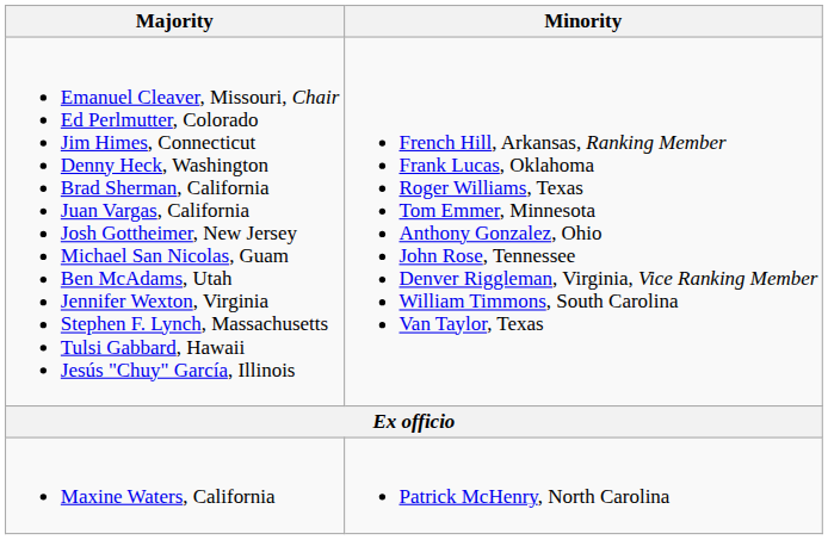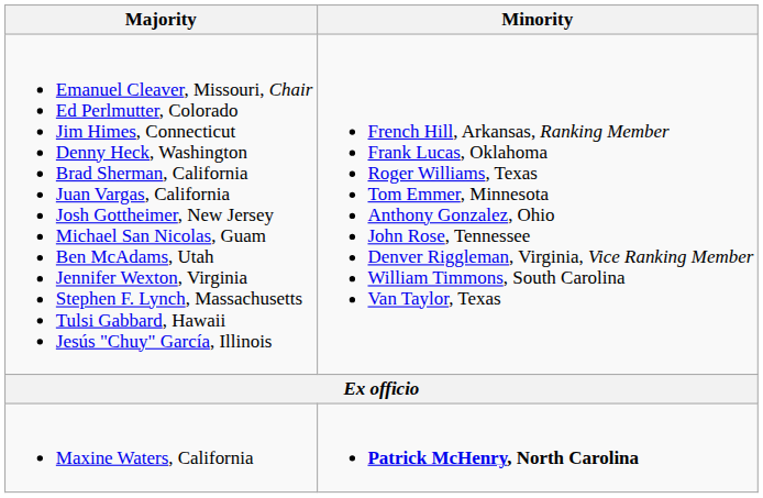 <table class=wikitable>
 <tr>
 <th>Majority</th>
 <th>Minority</th>
 </tr>
 <tr>
 <td><br><ul><li><a href='#'>Emanuel Cleaver</a>, Missouri, <em>Chair</em></li><li><a href='#'>Ed Perlmutter</a>, Colorado</li><li><a href='#'>Jim Himes</a>, Connecticut</li><li><a href='#'>Denny Heck</a>, Washington</li><li><a href='#'>Brad Sherman</a>, California</li><li><a href='#'>Juan Vargas</a>, California</li><li><a href='#'>Josh Gottheimer</a>, New Jersey</li><li><a href='#'>Michael San Nicolas</a>, Guam</li><li><a href='#'>Ben McAdams</a>, Utah</li><li><a href='#'>Jennifer Wexton</a>, Virginia</li><li><a href='#'>Stephen F. Lynch</a>, Massachusetts</li><li><a href='#'>Tulsi Gabbard</a>, Hawaii</li><li><a href='#'>Jesús "Chuy" García</a>, Illinois</li></ul></td>
 <td><br><ul><li><a href='#'>French Hill</a>, Arkansas, <em>Ranking Member</em></li><li><a href='#'>Frank Lucas</a>, Oklahoma</li><li><a href='#'>Roger Williams</a>, Texas</li><li><a href='#'>Tom Emmer</a>, Minnesota</li><li><a href='#'>Anthony Gonzalez</a>, Ohio</li><li><a href='#'>John Rose</a>, Tennessee</li><li><a href='#'>Denver Riggleman</a>, Virginia, <em>Vice Ranking Member</em></li><li><a href='#'>William Timmons</a>, South Carolina</li><li><a href='#'>Van Taylor</a>, Texas</li></ul></td>
 </tr>
 <tr>
 <th colspan=2><em>Ex officio</em></th>
 </tr>
 <tr>
 <td><br><ul><li><a href='#'>Maxine Waters</a>, California</li></ul></td>
-<td><br><ul><li><a href='#'>Patrick McHenry</a>, North Carolina</li></ul></td>
+<td><strong><br><ul><li><a href='#'>Patrick McHenry</a>, North Carolina</li></ul></strong></td>
 </tr>
 </table>
